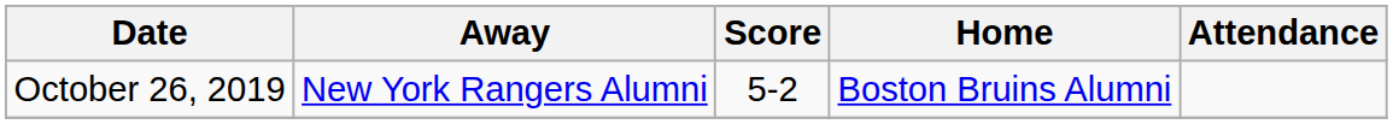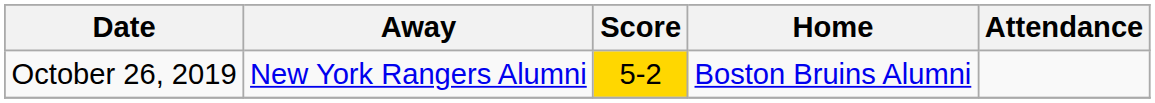 <table class="wikitable">
 <tr>
 <th>Date</th>
 <th>Away</th>
 <th>Score</th>
 <th>Home</th>
 <th>Attendance</th>
 </tr>
 <tr align="center">
 <td>October 26, 2019</td>
 <td><a href='#'>New York Rangers Alumni</a></td>
-<td>5-2</td>
+<td style="background: gold;">5-2</td>
 <td><a href='#'>Boston Bruins Alumni</a></td>
 <td></td>
 </tr>
 <tr>
 </tr>
 </table>
